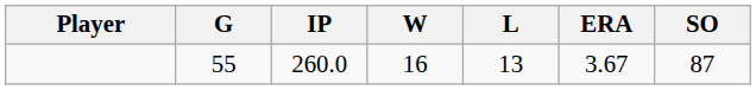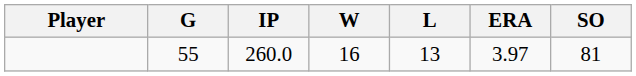 <table class="wikitable sortable">
 <tr>
 <th bgcolor="#DDDDFF" width="16%">Player</th>
 <th bgcolor="#DDDDFF" width="9%">G</th>
 <th bgcolor="#DDDDFF" width="9%">IP</th>
 <th bgcolor="#DDDDFF" width="9%">W</th>
 <th bgcolor="#DDDDFF" width="9%">L</th>
 <th bgcolor="#DDDDFF" width="9%">ERA</th>
 <th bgcolor="#DDDDFF" width="9%">SO</th>
 </tr>
 <tr align="center">
 <td></td>
 <td>55</td>
 <td>260.0</td>
 <td>16</td>
 <td>13</td>
-<td>3.67</td>
-<td>87</td>
+<td>3.97</td>
+<td>81</td>
 </tr>
 </table>
